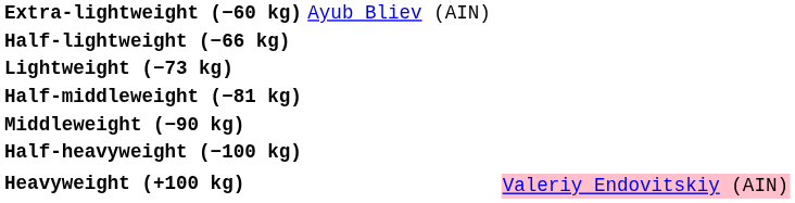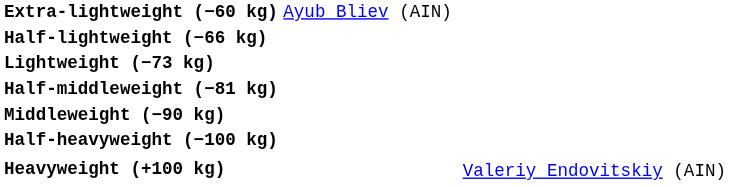 <table>
 <tr>
 <th rowspan=2 style="text-align:left;">Extra-lightweight (−60 kg)</th>
 <td rowspan=2> <a href='#'>Ayub Bliev</a> <span>(<abbr>AIN</abbr>)</span></td>
 <td rowspan=2></td>
 <td></td>
 </tr>
 <tr>
 <td></td>
 </tr>
 <tr>
 <th rowspan=2 style="text-align:left;">Half-lightweight (−66 kg)</th>
 <td rowspan=2></td>
 <td rowspan=2></td>
 <td></td>
 </tr>
 <tr>
 <td></td>
 </tr>
 <tr>
 <th rowspan=2 style="text-align:left;">Lightweight (−73 kg)</th>
 <td rowspan=2></td>
 <td rowspan=2></td>
 <td></td>
 </tr>
 <tr>
 <td></td>
 </tr>
 <tr>
 <th rowspan=2 style="text-align:left;">Half-middleweight (−81 kg)</th>
 <td rowspan=2></td>
 <td rowspan=2></td>
 <td></td>
 </tr>
 <tr>
 <td></td>
 </tr>
 <tr>
 <th rowspan=2 style="text-align:left;">Middleweight (−90 kg)</th>
 <td rowspan=2></td>
 <td rowspan=2></td>
 <td></td>
 </tr>
 <tr>
 <td></td>
 </tr>
 <tr>
 <th rowspan=2 style="text-align:left;">Half-heavyweight (−100 kg)</th>
 <td rowspan=2></td>
 <td rowspan=2></td>
 <td></td>
 </tr>
 <tr>
 <td></td>
 </tr>
 <tr>
 <th rowspan=2 style="text-align:left;">Heavyweight (+100 kg)</th>
 <td rowspan=2></td>
 <td rowspan=2></td>
 <td></td>
 </tr>
 <tr>
-<td style="background: pink;"> <a href='#'>Valeriy Endovitskiy</a> <span>(<abbr>AIN</abbr>)</span></td>
+<td> <a href='#'>Valeriy Endovitskiy</a> <span>(<abbr>AIN</abbr>)</span></td>
 </tr>
 </table>
